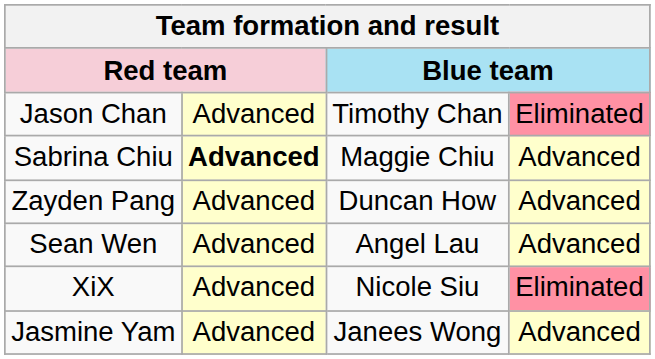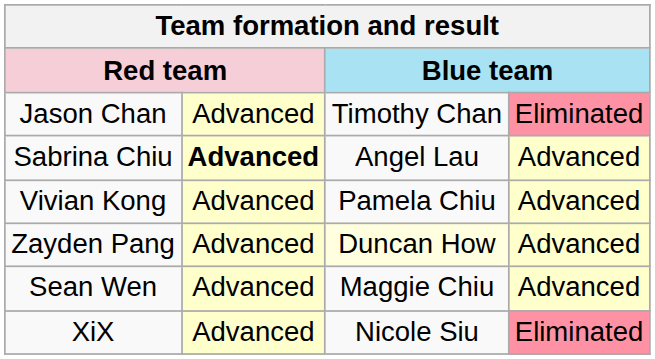 <table class="wikitable unsortable plainrowheaders" style="text-align:center; line-height:18px;">
 <tr>
 <th scope="col" colspan="4">Team formation and result</th>
 </tr>
 <tr>
 <th scope="col" colspan="2" style="background:#F6CED8;">Red team</th>
 <th scope="col" colspan="2" style="background:#A9E2F3;">Blue team</th>
 </tr>
 <tr>
 <td>Jason Chan</td>
 <td style="background:#FFFFCC;">Advanced</td>
 <td>Timothy Chan</td>
 <td style="background:#FF91A4;">Eliminated</td>
 </tr>
 <tr>
 <td>Sabrina Chiu</td>
 <td style="background:#FFFFCC;"><strong>Advanced</strong></td>
-<td>Maggie Chiu</td>
+<td>Angel Lau</td>
+<td style="background:#FFFFCC;">Advanced</td>
+</tr>
+<tr>
+<td>Vivian Kong</td>
+<td style="background:#FFFFCC;">Advanced</td>
+<td>Pamela Chiu</td>
 <td style="background:#FFFFCC;">Advanced</td>
 </tr>
 <tr>
 <td>Zayden Pang</td>
 <td style="background:#FFFFCC;">Advanced</td>
-<td>Duncan How</td>
+<td style="background: lightyellow;">Duncan How</td>
 <td style="background:#FFFFCC;">Advanced</td>
 </tr>
 <tr>
 <td>Sean Wen</td>
 <td style="background:#FFFFCC;">Advanced</td>
-<td>Angel Lau</td>
+<td>Maggie Chiu</td>
 <td style="background:#FFFFCC;">Advanced</td>
 </tr>
 <tr>
 <td>XiX</td>
 <td style="background:#FFFFCC;">Advanced</td>
 <td>Nicole Siu</td>
 <td style="background:#FF91A4;">Eliminated</td>
 </tr>
-<tr>
-<td>Jasmine Yam</td>
-<td style="background:#FFFFCC;">Advanced</td>
-<td>Janees Wong</td>
-<td style="background:#FFFFCC;">Advanced</td>
-</tr>
 </table>
